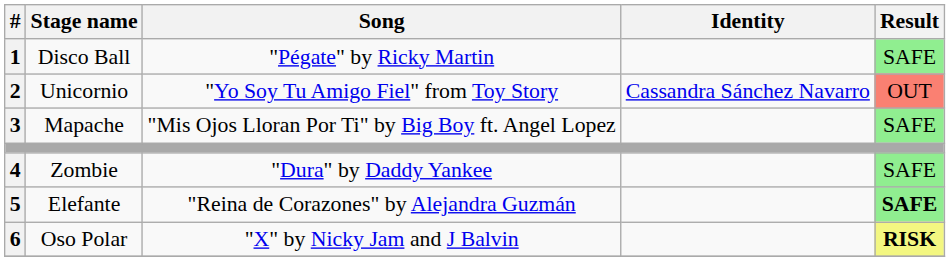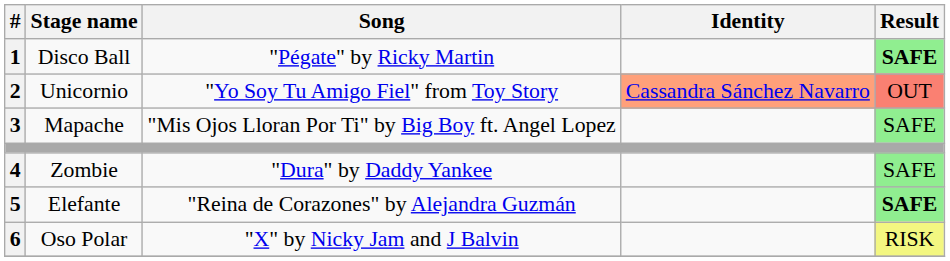 <table class="wikitable plainrowheaders" style="text-align: center;">
 <tr>
 <th>#</th>
 <th>Stage name</th>
 <th>Song</th>
 <th>Identity</th>
 <th>Result</th>
 </tr>
 <tr>
 <th>1</th>
 <td>Disco Ball</td>
 <td>"<a href='#'>Pégate</a>" by <a href='#'>Ricky Martin</a></td>
 <td></td>
-<td bgcolor=lightgreen>SAFE</td>
+<td bgcolor=lightgreen><strong>SAFE</strong></td>
 </tr>
 <tr>
 <th>2</th>
 <td>Unicornio</td>
 <td>"<a href='#'>Yo Soy Tu Amigo Fiel</a>" from <a href='#'>Toy Story</a></td>
-<td><a href='#'>Cassandra Sánchez Navarro</a></td>
+<td style="background: lightsalmon;"><a href='#'>Cassandra Sánchez Navarro</a></td>
 <td bgcolor=salmon>OUT</td>
 </tr>
 <tr>
 <th>3</th>
 <td>Mapache</td>
 <td>"Mis Ojos Lloran Por Ti" by <a href='#'>Big Boy</a> ft. Angel Lopez</td>
 <td></td>
 <td bgcolor=lightgreen>SAFE</td>
 </tr>
 <tr>
 <td colspan="5" style="background:darkgray"></td>
 </tr>
 <tr>
 <th>4</th>
 <td>Zombie</td>
 <td>"<a href='#'>Dura</a>" by <a href='#'>Daddy Yankee</a></td>
 <td></td>
 <td bgcolor=lightgreen>SAFE</td>
 </tr>
 <tr>
 <th>5</th>
 <td>Elefante</td>
 <td>"Reina de Corazones" by <a href='#'>Alejandra Guzmán</a></td>
 <td></td>
 <td bgcolor=lightgreen><strong>SAFE</strong></td>
 </tr>
 <tr>
 <th>6</th>
 <td>Oso Polar</td>
 <td>"<a href='#'>X</a>" by <a href='#'>Nicky Jam</a> and <a href='#'>J Balvin</a></td>
 <td></td>
-<td bgcolor=#F3F781><strong>RISK</strong></td>
+<td bgcolor=#F3F781>RISK</td>
 </tr>
 <tr>
 </tr>
 </table>
